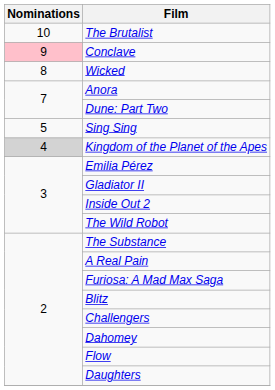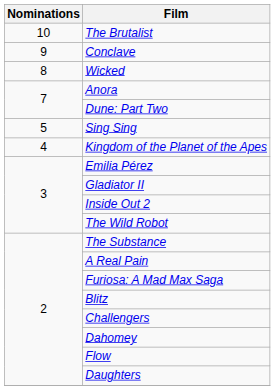 <table class="wikitable">
 <tr>
 <th>Nominations</th>
 <th>Film</th>
 </tr>
 <tr>
 <td style="text-align:center;">10</td>
 <td><em><a href='#'>The Brutalist</a></em></td>
 </tr>
 <tr>
-<td style="background: pink; text-align:center;">9</td>
+<td style="text-align:center;">9</td>
 <td><em><a href='#'>Conclave</a></em></td>
 </tr>
 <tr>
 <td style="text-align:center;">8</td>
 <td><em><a href='#'>Wicked</a></em></td>
 </tr>
 <tr>
 <td rowspan="2" style="text-align:center;">7</td>
 <td><em><a href='#'>Anora</a></em></td>
 </tr>
 <tr>
 <td><em><a href='#'>Dune: Part Two</a></em></td>
 </tr>
 <tr>
 <td style="text-align:center;">5</td>
 <td><em><a href='#'>Sing Sing</a></em></td>
 </tr>
 <tr>
-<td style="background: lightgrey; text-align:center;">4</td>
+<td style="text-align:center;">4</td>
 <td><em><a href='#'>Kingdom of the Planet of the Apes</a></em></td>
 </tr>
 <tr>
 <td rowspan="4" style="text-align:center;">3</td>
 <td><em><a href='#'>Emilia Pérez</a></em></td>
 </tr>
 <tr>
 <td><em><a href='#'>Gladiator II</a></em></td>
 </tr>
 <tr>
 <td><em><a href='#'>Inside Out 2</a></em></td>
 </tr>
 <tr>
 <td><em><a href='#'>The Wild Robot</a></em></td>
 </tr>
 <tr>
 <td rowspan="8" style="text-align:center;">2</td>
 <td><em><a href='#'>The Substance</a></em></td>
 </tr>
 <tr>
 <td><em><a href='#'>A Real Pain</a></em></td>
 </tr>
 <tr>
 <td><em><a href='#'>Furiosa: A Mad Max Saga</a></em></td>
 </tr>
 <tr>
 <td><em><a href='#'>Blitz</a></em></td>
 </tr>
 <tr>
 <td><em><a href='#'>Challengers</a></em></td>
 </tr>
 <tr>
 <td><em><a href='#'>Dahomey</a></em></td>
 </tr>
 <tr>
 <td><em><a href='#'>Flow</a></em></td>
 </tr>
 <tr>
 <td><em><a href='#'>Daughters</a></em></td>
 </tr>
 <tr>
 </tr>
 </table>
